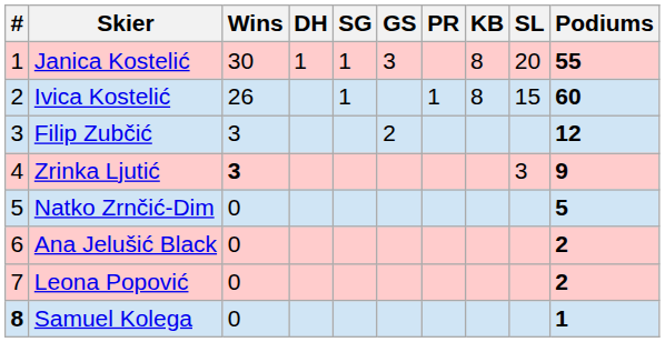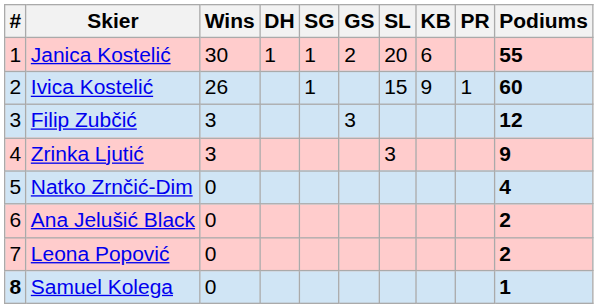 <table class="wikitable">
 <tr>
 <th>#</th>
 <th>Skier</th>
 <th>Wins</th>
 <th>DH</th>
 <th>SG</th>
 <th>GS</th>
+<th>SL</th>
+<th>KB</th>
 <th>PR</th>
-<th>KB</th>
-<th>SL</th>
 <th>Podiums</th>
 </tr>
 <tr style="background:#ffcccc">
 <td>1</td>
 <td><a href='#'>Janica Kostelić</a></td>
 <td>30</td>
 <td>1</td>
 <td>1</td>
-<td>3</td>
+<td>2</td>
+<td>20</td>
+<td>6</td>
 <td></td>
-<td>8</td>
-<td>20</td>
 <td><strong>55</strong></td>
 </tr>
 <tr style="background:#d0e5f5">
 <td>2</td>
 <td><a href='#'>Ivica Kostelić</a></td>
 <td>26</td>
 <td></td>
 <td>1</td>
 <td></td>
+<td>15</td>
+<td>9</td>
 <td>1</td>
-<td>8</td>
-<td>15</td>
 <td><strong>60</strong></td>
 </tr>
 <tr style="background:#d0e5f5">
 <td>3</td>
 <td><a href='#'>Filip Zubčić</a></td>
 <td>3</td>
 <td></td>
 <td></td>
-<td>2</td>
+<td>3</td>
 <td></td>
 <td></td>
 <td></td>
 <td><strong>12</strong></td>
 </tr>
 <tr style="background:#ffcccc">
 <td>4</td>
 <td><a href='#'>Zrinka Ljutić</a></td>
-<td><strong>3</strong></td>
-<td></td>
-<td></td>
+<td>3</td>
 <td></td>
 <td></td>
 <td></td>
 <td>3</td>
+<td></td>
+<td></td>
 <td><strong>9</strong></td>
 </tr>
 <tr style="background:#d0e5f5">
 <td>5</td>
 <td><a href='#'>Natko Zrnčić-Dim</a></td>
 <td>0</td>
 <td></td>
 <td></td>
 <td></td>
 <td></td>
 <td></td>
 <td></td>
-<td><strong>5</strong></td>
+<td><strong>4</strong></td>
 </tr>
 <tr style="background:#ffcccc">
 <td>6</td>
 <td><a href='#'>Ana Jelušić Black</a></td>
 <td>0</td>
 <td></td>
 <td></td>
 <td></td>
 <td></td>
 <td></td>
 <td></td>
 <td><strong>2</strong></td>
 </tr>
 <tr style="background:#ffcccc">
 <td>7</td>
 <td><a href='#'>Leona Popović</a></td>
 <td>0</td>
 <td></td>
 <td></td>
 <td></td>
 <td></td>
 <td></td>
 <td></td>
 <td><strong>2</strong></td>
 </tr>
 <tr style="background:#d0e5f5">
 <td><strong>8</strong></td>
 <td><a href='#'>Samuel Kolega</a></td>
 <td>0</td>
 <td></td>
 <td></td>
 <td></td>
 <td></td>
 <td></td>
 <td></td>
 <td><strong>1</strong></td>
 </tr>
 </table>
